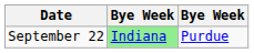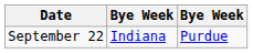 <table class="wikitable" style="font-size:95%;">
 <tr>
 <th>Date</th>
 <th>Bye Week</th>
 <th>Bye Week</th>
 </tr>
 <tr>
 <td>September 22</td>
-<td style="background: lightgreen;"><a href='#'>Indiana</a></td>
+<td><a href='#'>Indiana</a></td>
 <td><a href='#'>Purdue</a></td>
 </tr>
 </table>
